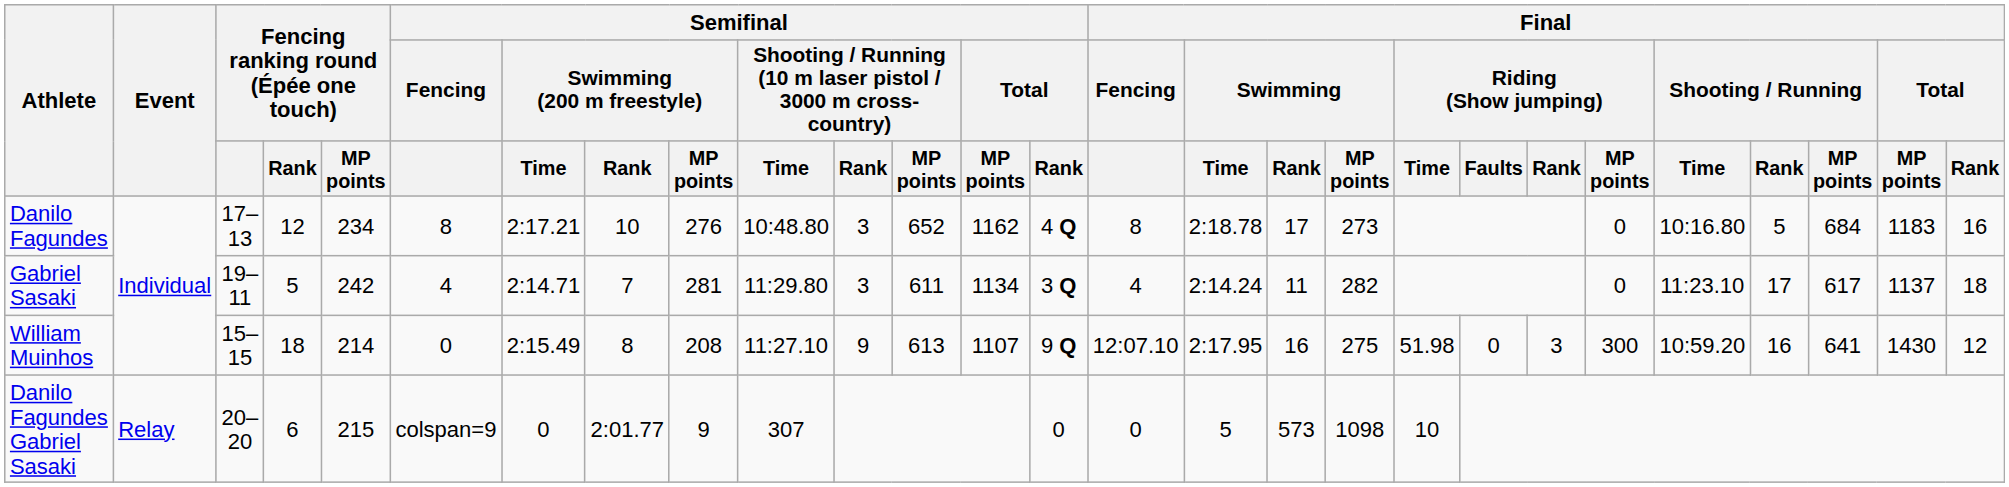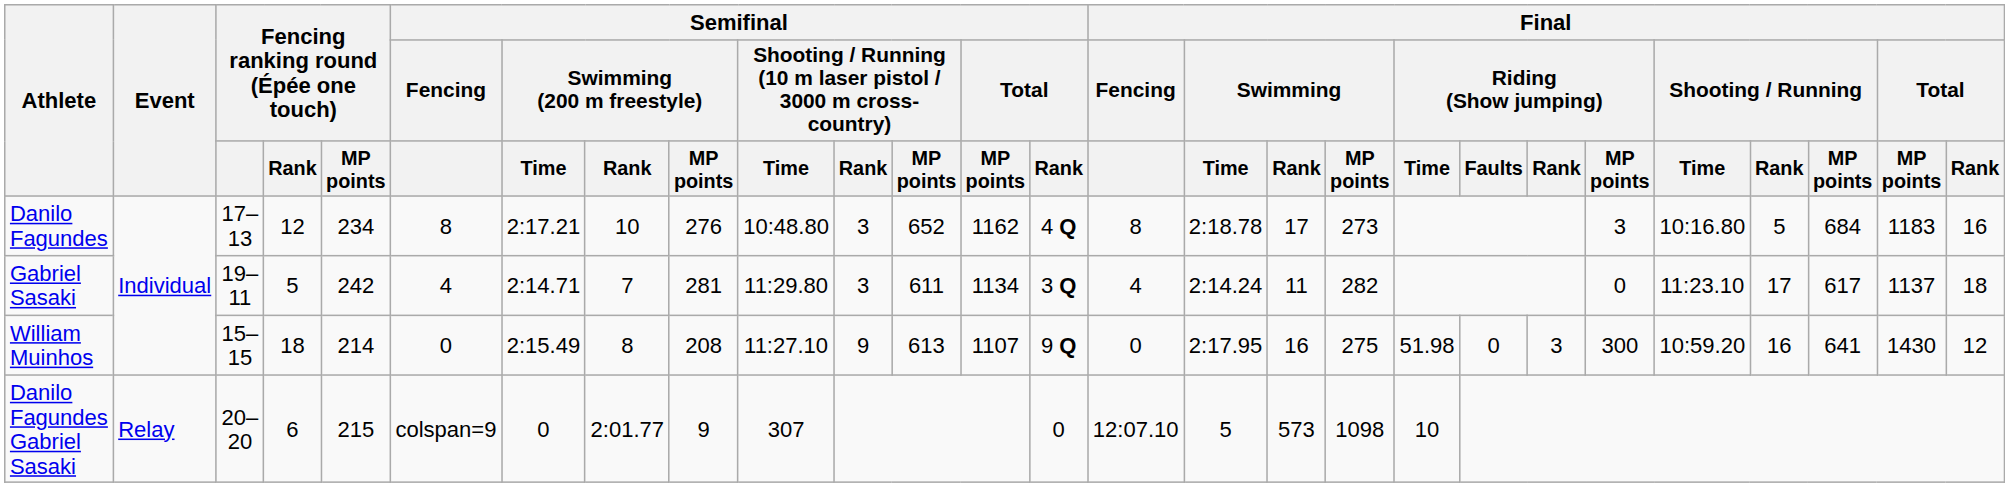 <table class=wikitable style=font-size:90%;text-align:center>
 <tr>
 <th rowspan=3>Athlete</th>
 <th rowspan=3>Event</th>
 <th colspan=3 rowspan=2>Fencing ranking round<br><span>(Épée one touch)</span></th>
 <th colspan=9>Semifinal</th>
 <th colspan=13>Final</th>
 </tr>
 <tr style=font-size:95%>
 <th>Fencing</th>
 <th colspan=3>Swimming<br><span>(200 m freestyle)</span></th>
 <th colspan=3>Shooting / Running<br><span>(10 m laser pistol / 3000 m cross-country)</span></th>
 <th colspan=2>Total</th>
 <th>Fencing</th>
 <th colspan=3>Swimming</th>
 <th colspan=4>Riding<br><span>(Show jumping)</span></th>
 <th colspan=3>Shooting / Running</th>
 <th colspan=2>Total</th>
 </tr>
 <tr style=font-size:90%>
 <th></th>
 <th>Rank</th>
 <th>MP points</th>
 <th></th>
 <th>Time</th>
 <th>Rank</th>
 <th>MP points</th>
 <th>Time</th>
 <th>Rank</th>
 <th>MP points</th>
 <th>MP points</th>
 <th>Rank</th>
 <th></th>
 <th>Time</th>
 <th>Rank</th>
 <th>MP points</th>
 <th>Time</th>
 <th>Faults</th>
 <th>Rank</th>
 <th>MP points</th>
 <th>Time</th>
 <th>Rank</th>
 <th>MP points</th>
 <th>MP points</th>
 <th>Rank</th>
 </tr>
 <tr>
 <td align=left><a href='#'>Danilo Fagundes</a></td>
 <td align=left rowspan=3><a href='#'>Individual</a></td>
 <td>17–13</td>
 <td>12</td>
 <td>234</td>
 <td>8</td>
 <td>2:17.21</td>
 <td>10</td>
 <td>276</td>
 <td>10:48.80</td>
 <td>3</td>
 <td>652</td>
 <td>1162</td>
 <td>4 <strong>Q</strong></td>
 <td>8</td>
 <td>2:18.78</td>
 <td>17</td>
 <td>273</td>
 <td colspan=3></td>
-<td>0</td>
+<td>3</td>
 <td>10:16.80</td>
 <td>5</td>
 <td>684</td>
 <td>1183</td>
 <td>16</td>
 </tr>
 <tr>
 <td align=left><a href='#'>Gabriel Sasaki</a></td>
 <td>19–11</td>
 <td>5</td>
 <td>242</td>
 <td>4</td>
 <td>2:14.71</td>
 <td>7</td>
 <td>281</td>
 <td>11:29.80</td>
 <td>3</td>
 <td>611</td>
 <td>1134</td>
 <td>3 <strong>Q</strong></td>
 <td>4</td>
 <td>2:14.24</td>
 <td>11</td>
 <td>282</td>
 <td colspan=3></td>
 <td>0</td>
 <td>11:23.10</td>
 <td>17</td>
 <td>617</td>
 <td>1137</td>
 <td>18</td>
 </tr>
 <tr>
 <td align=left><a href='#'>William Muinhos</a></td>
 <td>15–15</td>
 <td>18</td>
 <td>214</td>
 <td>0</td>
 <td>2:15.49</td>
 <td>8</td>
 <td>208</td>
 <td>11:27.10</td>
 <td>9</td>
 <td>613</td>
 <td>1107</td>
 <td>9 <strong>Q</strong></td>
-<td>12:07.10</td>
+<td>0</td>
 <td>2:17.95</td>
 <td>16</td>
 <td>275</td>
 <td>51.98</td>
 <td>0</td>
 <td>3</td>
 <td>300</td>
 <td>10:59.20</td>
 <td>16</td>
 <td>641</td>
 <td>1430</td>
 <td>12</td>
 </tr>
 <tr>
 <td align=left><a href='#'>Danilo Fagundes</a><br><a href='#'>Gabriel Sasaki</a></td>
 <td align=left><a href='#'>Relay</a></td>
 <td>20–20</td>
 <td>6</td>
 <td>215</td>
 <td>colspan=9 </td>
 <td>0</td>
 <td>2:01.77</td>
 <td>9</td>
 <td>307</td>
 <td colspan=3></td>
 <td>0</td>
-<td>0</td>
+<td>12:07.10</td>
 <td>5</td>
 <td>573</td>
 <td>1098</td>
 <td>10</td>
 </tr>
 </table>
